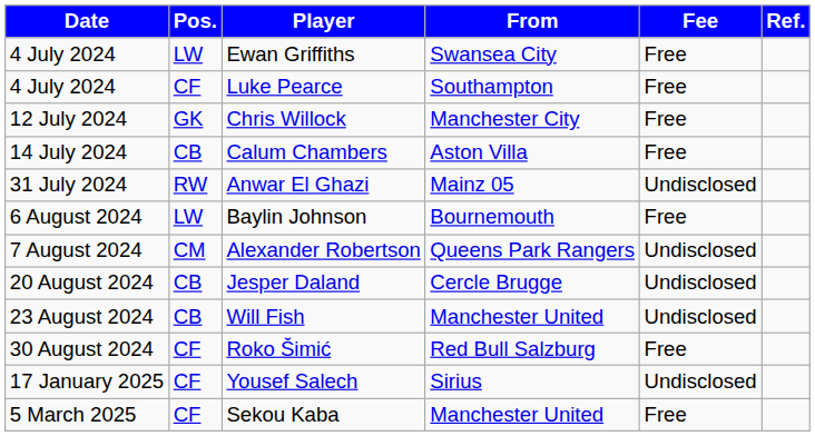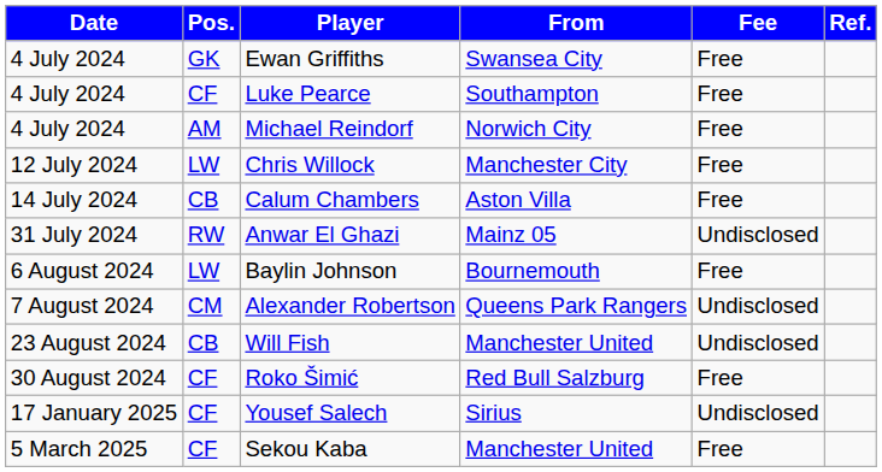 <table class="wikitable plainrowheaders sortable">
 <tr>
 <th style="background: blue; color: white; ">Date</th>
 <th style="background: blue; color: white; ">Pos.</th>
 <th style="background: blue; color: white; ">Player</th>
 <th style="background: blue; color: white; ">From</th>
 <th style="background: blue; color: white; ">Fee</th>
 <th style="background: blue; color: white; ">Ref.</th>
 </tr>
 <tr>
 <td>4 July 2024</td>
-<td><a href='#'>LW</a></td>
+<td><a href='#'>GK</a></td>
 <td> Ewan Griffiths</td>
 <td> <a href='#'>Swansea City</a></td>
 <td>Free</td>
 <td></td>
 </tr>
 <tr>
 <td>4 July 2024</td>
 <td><a href='#'>CF</a></td>
 <td> <a href='#'>Luke Pearce</a></td>
 <td> <a href='#'>Southampton</a></td>
 <td>Free</td>
 <td></td>
 </tr>
 <tr>
+<td>4 July 2024</td>
+<td><a href='#'>AM</a></td>
+<td> <a href='#'>Michael Reindorf</a> </td>
+<td> <a href='#'>Norwich City</a></td>
+<td>Free</td>
+<td></td>
+</tr>
+<tr>
 <td>12 July 2024</td>
-<td><a href='#'>GK</a></td>
+<td><a href='#'>LW</a></td>
 <td> <a href='#'>Chris Willock</a></td>
 <td> <a href='#'>Manchester City</a></td>
 <td>Free</td>
 <td></td>
 </tr>
 <tr>
 <td>14 July 2024</td>
 <td><a href='#'>CB</a></td>
 <td> <a href='#'>Calum Chambers</a></td>
 <td> <a href='#'>Aston Villa</a></td>
 <td>Free</td>
 <td></td>
 </tr>
 <tr>
 <td>31 July 2024</td>
 <td><a href='#'>RW</a></td>
 <td> <a href='#'>Anwar El Ghazi</a></td>
 <td> <a href='#'>Mainz 05</a></td>
 <td>Undisclosed</td>
 <td></td>
 </tr>
 <tr>
 <td>6 August 2024</td>
 <td><a href='#'>LW</a></td>
 <td> Baylin Johnson</td>
 <td> <a href='#'>Bournemouth</a></td>
 <td>Free</td>
 <td></td>
 </tr>
 <tr>
 <td>7 August 2024</td>
 <td><a href='#'>CM</a></td>
 <td> <a href='#'>Alexander Robertson</a></td>
 <td> <a href='#'>Queens Park Rangers</a></td>
 <td>Undisclosed</td>
 <td></td>
 </tr>
 <tr>
-<td>20 August 2024</td>
-<td><a href='#'>CB</a></td>
-<td> <a href='#'>Jesper Daland</a></td>
-<td> <a href='#'>Cercle Brugge</a></td>
-<td>Undisclosed</td>
-<td></td>
-</tr>
-<tr>
 <td>23 August 2024</td>
 <td><a href='#'>CB</a></td>
 <td> <a href='#'>Will Fish</a></td>
 <td> <a href='#'>Manchester United</a></td>
 <td>Undisclosed</td>
 <td></td>
 </tr>
 <tr>
 <td>30 August 2024</td>
 <td><a href='#'>CF</a></td>
 <td> <a href='#'>Roko Šimić</a></td>
 <td> <a href='#'>Red Bull Salzburg</a></td>
 <td>Free</td>
 <td></td>
 </tr>
 <tr>
 <td>17 January 2025</td>
 <td><a href='#'>CF</a></td>
 <td> <a href='#'>Yousef Salech</a></td>
 <td> <a href='#'>Sirius</a></td>
 <td>Undisclosed</td>
 <td></td>
 </tr>
 <tr>
 <td>5 March 2025</td>
 <td><a href='#'>CF</a></td>
 <td> Sekou Kaba</td>
 <td> <a href='#'>Manchester United</a></td>
 <td>Free</td>
 <td></td>
 </tr>
 </table>
